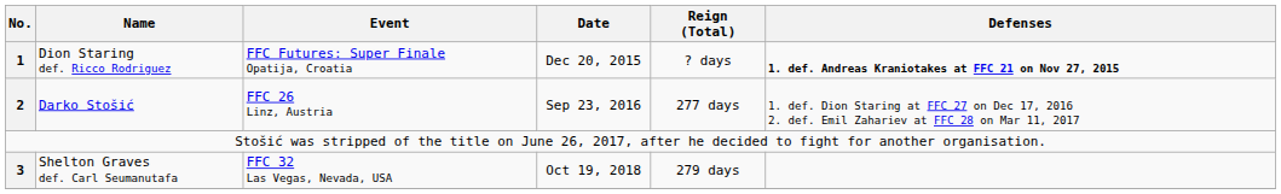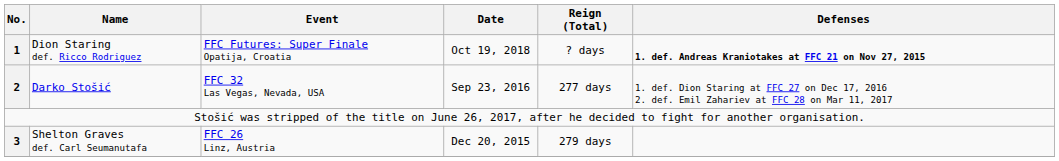 <table class="wikitable" style="width:99%;">
 <tr>
 <th style="width:2%;">No.</th>
 <th>Name</th>
 <th>Event</th>
 <th style="width:9%;">Date</th>
 <th style="width:9%;">Reign<br>(Total)</th>
 <th>Defenses</th>
 </tr>
 <tr>
 <th>1</th>
 <td> Dion Staring<br><small>def. <a href='#'>Ricco Rodriguez</a> </small></td>
 <td><a href='#'>FFC Futures: Super Finale</a><br><small>Opatija, Croatia</small></td>
-<td style="text-align:center;">Dec 20, 2015</td>
+<td style="text-align:center;">Oct 19, 2018</td>
 <td style="text-align:center;">? days</td>
 <td><strong><br><small>1. def. Andreas Kraniotakes at <a href='#'>FFC 21</a> on Nov 27, 2015</small><br></strong></td>
 </tr>
 <tr>
 <th>2</th>
 <td> <a href='#'>Darko Stošić</a><br></td>
-<td><a href='#'>FFC 26</a><br><small>Linz, Austria</small></td>
+<td><a href='#'>FFC 32</a><br><small>Las Vegas, Nevada, USA</small></td>
 <td style="text-align:center;">Sep 23, 2016</td>
 <td style="text-align:center;">277 days</td>
 <td><br><small>1. def. Dion Staring at <a href='#'>FFC 27</a> on Dec 17, 2016</small><br> <small>2. def. Emil Zahariev at <a href='#'>FFC 28</a> on Mar 11, 2017</small><br></td>
 </tr>
 <tr>
 <td align="center" colspan="6">Stošić was stripped of the title on June 26, 2017, after he decided to fight for another organisation.</td>
 </tr>
 <tr>
 <th>3</th>
 <td> Shelton Graves<br><small>def. Carl Seumanutafa </small></td>
-<td><a href='#'>FFC 32</a><br><small>Las Vegas, Nevada, USA</small></td>
-<td style="text-align:center;">Oct 19, 2018</td>
+<td><a href='#'>FFC 26</a><br><small>Linz, Austria</small></td>
+<td style="text-align:center;">Dec 20, 2015</td>
 <td style="text-align:center;">279 days</td>
 <td></td>
 </tr>
 <tr>
 </tr>
 </table>
